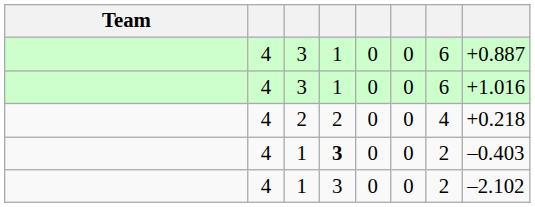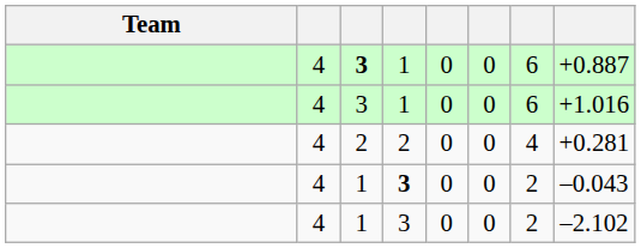 <table class="wikitable" style="text-align:center">
 <tr>
 <th width=180>Team</th>
 <th width=20></th>
 <th width=20></th>
 <th width=20></th>
 <th width=20></th>
 <th width=20></th>
 <th width=20></th>
 <th width=45></th>
 </tr>
 <tr style="background:#cfc">
 <td align="left"></td>
 <td>4</td>
-<td>3</td>
+<td><strong>3</strong></td>
 <td>1</td>
 <td>0</td>
 <td>0</td>
 <td>6</td>
 <td>+0.887</td>
 </tr>
 <tr style="background:#cfc">
 <td align="left"></td>
 <td>4</td>
 <td>3</td>
 <td>1</td>
 <td>0</td>
 <td>0</td>
 <td>6</td>
 <td>+1.016</td>
 </tr>
 <tr>
 <td align="left"></td>
 <td>4</td>
 <td>2</td>
 <td>2</td>
 <td>0</td>
 <td>0</td>
 <td>4</td>
-<td>+0.218</td>
+<td>+0.281</td>
 </tr>
 <tr>
 <td align="left"></td>
 <td>4</td>
 <td>1</td>
 <td><strong>3</strong></td>
 <td>0</td>
 <td>0</td>
 <td>2</td>
-<td>–0.403</td>
+<td>–0.043</td>
 </tr>
 <tr>
 <td align="left"></td>
 <td>4</td>
 <td>1</td>
 <td>3</td>
 <td>0</td>
 <td>0</td>
 <td>2</td>
 <td>–2.102</td>
 </tr>
 </table>
